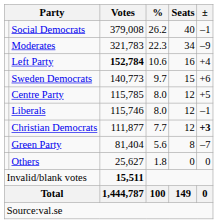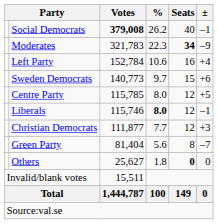 <table class=wikitable style=text-align:right>
 <tr>
 <th colspan=2>Party</th>
 <th>Votes</th>
 <th>%</th>
 <th>Seats</th>
 <th>±</th>
 </tr>
 <tr>
 <td bgcolor=></td>
 <td align=left><a href='#'>Social Democrats</a></td>
-<td>379,008</td>
+<td><strong>379,008</strong></td>
 <td>26.2</td>
 <td>40</td>
 <td>–1</td>
 </tr>
 <tr>
 <td bgcolor=></td>
 <td align=left><a href='#'>Moderates</a></td>
 <td>321,783</td>
 <td>22.3</td>
-<td>34</td>
+<td><strong>34</strong></td>
 <td>–9</td>
 </tr>
 <tr>
 <td bgcolor=></td>
 <td align=left><a href='#'>Left Party</a></td>
-<td><strong>152,784</strong></td>
+<td>152,784</td>
 <td>10.6</td>
 <td>16</td>
 <td>+4</td>
 </tr>
 <tr>
 <td bgcolor=></td>
 <td align=left><a href='#'>Sweden Democrats</a></td>
 <td>140,773</td>
 <td>9.7</td>
 <td>15</td>
 <td>+6</td>
 </tr>
 <tr>
 <td bgcolor=></td>
 <td align=left><a href='#'>Centre Party</a></td>
 <td>115,785</td>
 <td>8.0</td>
 <td>12</td>
 <td>+5</td>
 </tr>
 <tr>
 <td bgcolor=></td>
 <td align=left><a href='#'>Liberals</a></td>
 <td>115,746</td>
-<td>8.0</td>
+<td><strong>8.0</strong></td>
 <td>12</td>
 <td>–1</td>
 </tr>
 <tr>
 <td bgcolor=></td>
 <td align=left><a href='#'>Christian Democrats</a></td>
 <td>111,877</td>
 <td>7.7</td>
 <td>12</td>
-<td><strong>+3</strong></td>
+<td>+3</td>
 </tr>
 <tr>
 <td bgcolor=></td>
 <td align=left><a href='#'>Green Party</a></td>
 <td>81,404</td>
 <td>5.6</td>
 <td>8</td>
 <td>–7</td>
 </tr>
 <tr>
 <td></td>
 <td align=left><a href='#'>Others</a></td>
 <td>25,627</td>
 <td>1.8</td>
-<td>0</td>
+<td><strong>0</strong></td>
 <td>0</td>
 </tr>
 <tr>
 <td align=left colspan=2>Invalid/blank votes</td>
-<td><strong>15,511</strong></td>
+<td>15,511</td>
 <td colspan=3></td>
 </tr>
 <tr>
 <th align=left colspan=2>Total</th>
 <th>1,444,787</th>
 <th>100</th>
 <th>149</th>
 <th>0</th>
 </tr>
 <tr>
 <td align=left colspan=6>Source:val.se </td>
 </tr>
 </table>
